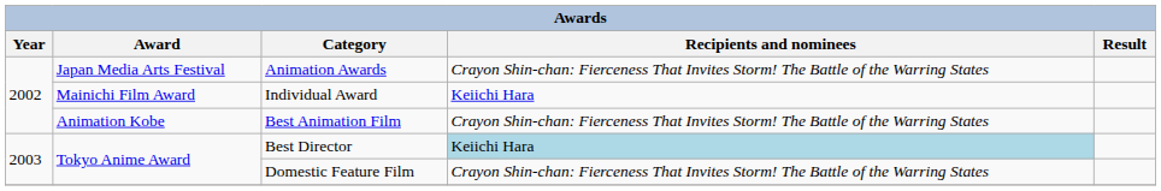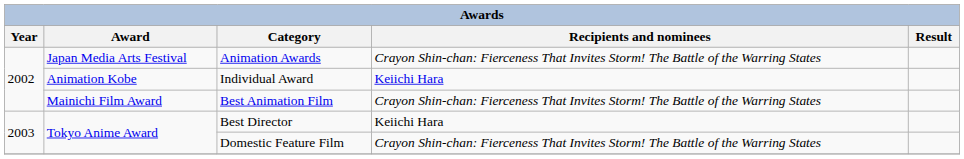 <table class="wikitable sortable" width="90%">
 <tr style="background:#ccc; text-align:center;">
 <th colspan="5" style="background: LightSteelBlue;">Awards</th>
 </tr>
 <tr style="background:#ccc; text-align:center;">
 <th>Year</th>
 <th>Award</th>
 <th>Category</th>
 <th>Recipients and nominees</th>
 <th>Result</th>
 </tr>
 <tr>
 <td rowspan=3>2002</td>
 <td><a href='#'>Japan Media Arts Festival</a></td>
 <td><a href='#'>Animation Awards</a></td>
 <td><em>Crayon Shin-chan: Fierceness That Invites Storm! The Battle of the Warring States</em></td>
 <td></td>
 </tr>
 <tr>
-<td><a href='#'>Mainichi Film Award</a></td>
+<td><a href='#'>Animation Kobe</a></td>
 <td>Individual Award</td>
 <td><a href='#'>Keiichi Hara</a></td>
 <td></td>
 </tr>
 <tr>
-<td><a href='#'>Animation Kobe</a></td>
+<td><a href='#'>Mainichi Film Award</a></td>
 <td><a href='#'>Best Animation Film</a></td>
 <td><em>Crayon Shin-chan: Fierceness That Invites Storm! The Battle of the Warring States</em></td>
 <td></td>
 </tr>
 <tr>
 <td rowspan=2>2003</td>
 <td rowspan=2><a href='#'>Tokyo Anime Award</a></td>
 <td>Best Director</td>
-<td style="background: lightblue;">Keiichi Hara</td>
+<td>Keiichi Hara</td>
 <td></td>
 </tr>
 <tr>
 <td>Domestic Feature Film</td>
 <td><em>Crayon Shin-chan: Fierceness That Invites Storm! The Battle of the Warring States</em></td>
 <td></td>
 </tr>
 <tr>
 </tr>
 </table>
